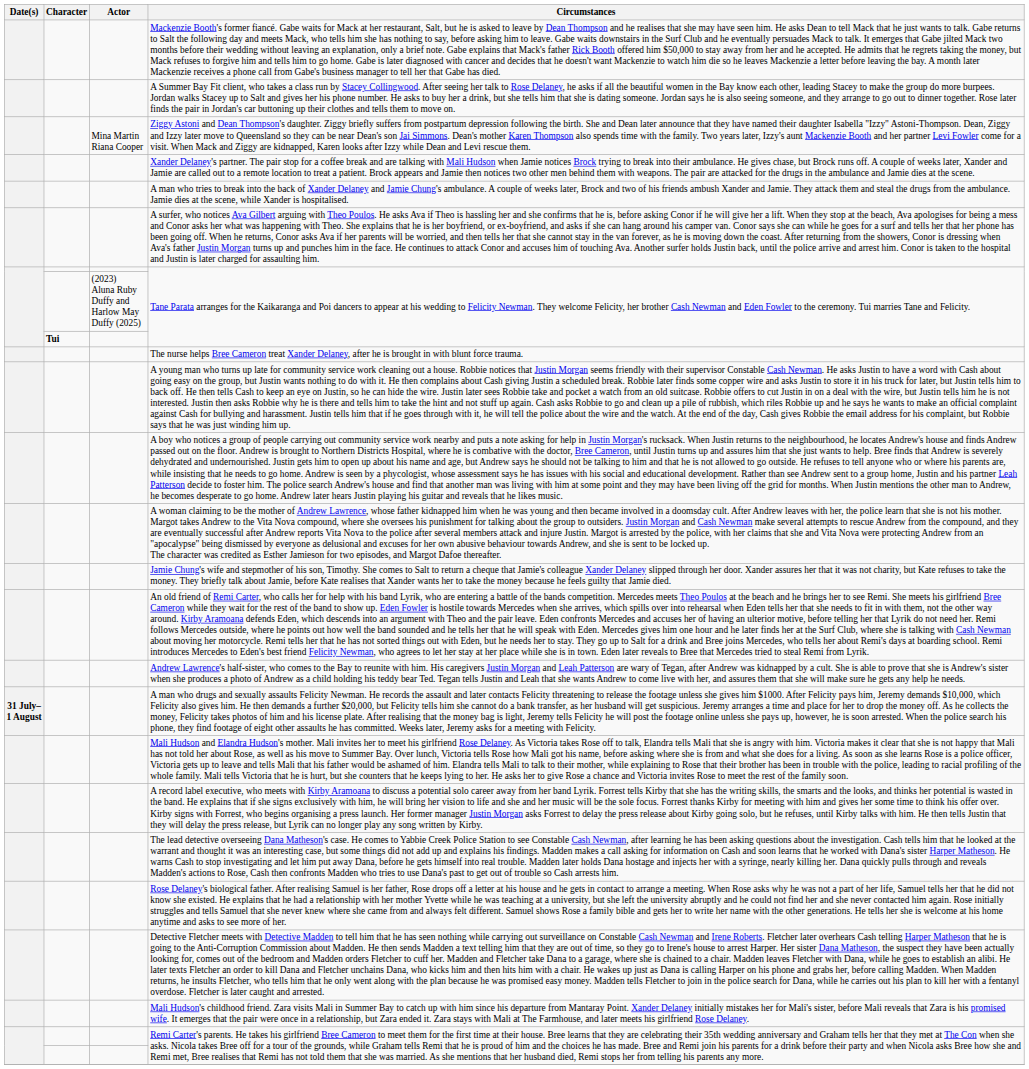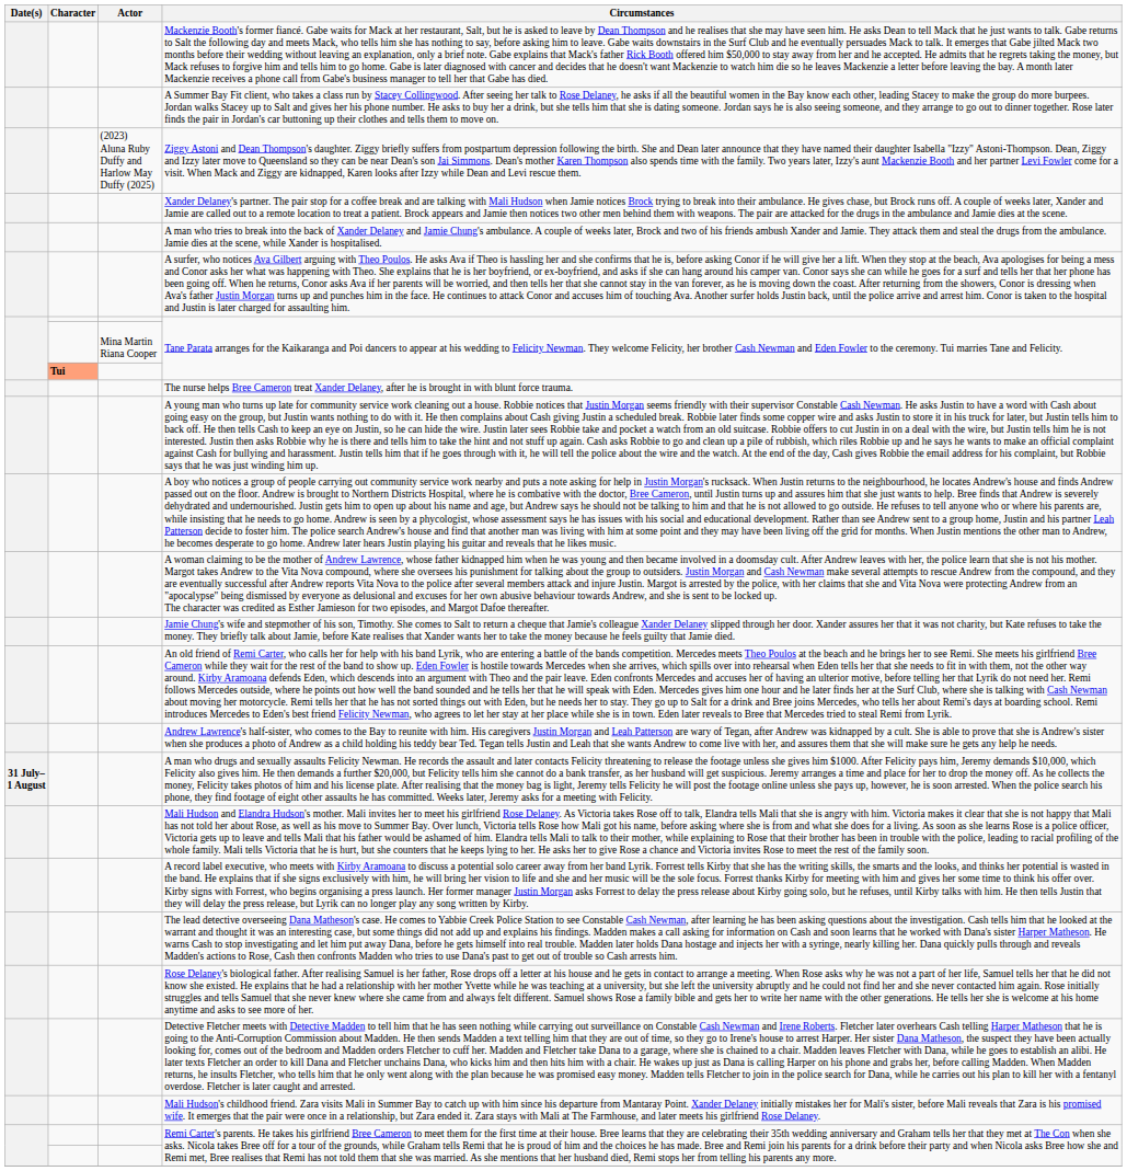 <table class="wikitable plainrowheaders" style="font-size:90%">
 <tr>
 <th scope="col">Date(s)</th>
 <th scope="col">Character</th>
 <th scope="col">Actor</th>
 <th scope="col">Circumstances</th>
 </tr>
 <tr>
 <th scope="row"></th>
 <td></td>
 <td></td>
 <td><a href='#'>Mackenzie Booth</a>'s former fiancé. Gabe waits for Mack at her restaurant, Salt, but he is asked to leave by <a href='#'>Dean Thompson</a> and he realises that she may have seen him. He asks Dean to tell Mack that he just wants to talk. Gabe returns to Salt the following day and meets Mack, who tells him she has nothing to say, before asking him to leave. Gabe waits downstairs in the Surf Club and he eventually persuades Mack to talk. It emerges that Gabe jilted Mack two months before their wedding without leaving an explanation, only a brief note. Gabe explains that Mack's father <a href='#'>Rick Booth</a> offered him $50,000 to stay away from her and he accepted. He admits that he regrets taking the money, but Mack refuses to forgive him and tells him to go home. Gabe is later diagnosed with cancer and decides that he doesn't want Mackenzie to watch him die so he leaves Mackenzie a letter before leaving the bay. A month later Mackenzie receives a phone call from Gabe's business manager to tell her that Gabe has died.</td>
 </tr>
 <tr>
 <th scope="row"></th>
 <td></td>
 <td></td>
 <td>A Summer Bay Fit client, who takes a class run by <a href='#'>Stacey Collingwood</a>. After seeing her talk to <a href='#'>Rose Delaney</a>, he asks if all the beautiful women in the Bay know each other, leading Stacey to make the group do more burpees. Jordan walks Stacey up to Salt and gives her his phone number. He asks to buy her a drink, but she tells him that she is dating someone. Jordan says he is also seeing someone, and they arrange to go out to dinner together. Rose later finds the pair in Jordan's car buttoning up their clothes and tells them to move on.</td>
 </tr>
 <tr>
 <th scope="row"></th>
 <td></td>
-<td><br>Mina Martin<br>Riana Cooper</td>
+<td> (2023)<br>Aluna Ruby Duffy and Harlow May Duffy (2025)</td>
 <td><a href='#'>Ziggy Astoni</a> and <a href='#'>Dean Thompson</a>'s daughter. Ziggy briefly suffers from postpartum depression following the birth. She and Dean later announce that they have named their daughter Isabella "Izzy" Astoni-Thompson. Dean, Ziggy and Izzy later move to Queensland so they can be near Dean's son <a href='#'>Jai Simmons</a>. Dean's mother <a href='#'>Karen Thompson</a> also spends time with the family. Two years later, Izzy's aunt <a href='#'>Mackenzie Booth</a> and her partner <a href='#'>Levi Fowler</a> come for a visit. When Mack and Ziggy are kidnapped, Karen looks after Izzy while Dean and Levi rescue them.</td>
 </tr>
 <tr>
 <th scope="row"></th>
 <td></td>
 <td></td>
 <td><a href='#'>Xander Delaney</a>'s partner. The pair stop for a coffee break and are talking with <a href='#'>Mali Hudson</a> when Jamie notices <a href='#'>Brock</a> trying to break into their ambulance. He gives chase, but Brock runs off. A couple of weeks later, Xander and Jamie are called out to a remote location to treat a patient. Brock appears and Jamie then notices two other men behind them with weapons. The pair are attacked for the drugs in the ambulance and Jamie dies at the scene.</td>
 </tr>
 <tr>
 <th scope="row"></th>
 <td></td>
 <td></td>
 <td>A man who tries to break into the back of <a href='#'>Xander Delaney</a> and <a href='#'>Jamie Chung</a>'s ambulance. A couple of weeks later, Brock and two of his friends ambush Xander and Jamie. They attack them and steal the drugs from the ambulance. Jamie dies at the scene, while Xander is hospitalised.</td>
 </tr>
 <tr>
 <th scope="row"></th>
 <td></td>
 <td></td>
 <td>A surfer, who notices <a href='#'>Ava Gilbert</a> arguing with <a href='#'>Theo Poulos</a>. He asks Ava if Theo is hassling her and she confirms that he is, before asking Conor if he will give her a lift. When they stop at the beach, Ava apologises for being a mess and Conor asks her what was happening with Theo. She explains that he is her boyfriend, or ex-boyfriend, and asks if she can hang around his camper van. Conor says she can while he goes for a surf and tells her that her phone has been going off. When he returns, Conor asks Ava if her parents will be worried, and then tells her that she cannot stay in the van forever, as he is moving down the coast. After returning from the showers, Conor is dressing when Ava's father <a href='#'>Justin Morgan</a> turns up and punches him in the face. He continues to attack Conor and accuses him of touching Ava. Another surfer holds Justin back, until the police arrive and arrest him. Conor is taken to the hospital and Justin is later charged for assaulting him.</td>
 </tr>
 <tr>
 <th scope="row" rowspan="3"></th>
 <td></td>
 <td></td>
 <td rowspan="3"><a href='#'>Tane Parata</a> arranges for the Kaikaranga and Poi dancers to appear at his wedding to <a href='#'>Felicity Newman</a>. They welcome Felicity, her brother <a href='#'>Cash Newman</a> and <a href='#'>Eden Fowler</a> to the ceremony. Tui marries Tane and Felicity.</td>
 </tr>
 <tr>
 <td></td>
-<td> (2023)<br>Aluna Ruby Duffy and Harlow May Duffy (2025)</td>
+<td><br>Mina Martin<br>Riana Cooper</td>
 </tr>
 <tr>
-<td><strong>Tui</strong></td>
+<td style="background: lightsalmon;"><strong>Tui</strong></td>
 <td></td>
 </tr>
 <tr>
 <th scope="row"></th>
 <td></td>
 <td></td>
 <td>The nurse helps <a href='#'>Bree Cameron</a> treat <a href='#'>Xander Delaney</a>, after he is brought in with blunt force trauma.</td>
 </tr>
 <tr>
 <th scope="row"></th>
 <td></td>
 <td></td>
 <td>A young man who turns up late for community service work cleaning out a house. Robbie notices that <a href='#'>Justin Morgan</a> seems friendly with their supervisor Constable <a href='#'>Cash Newman</a>. He asks Justin to have a word with Cash about going easy on the group, but Justin wants nothing to do with it. He then complains about Cash giving Justin a scheduled break. Robbie later finds some copper wire and asks Justin to store it in his truck for later, but Justin tells him to back off. He then tells Cash to keep an eye on Justin, so he can hide the wire. Justin later sees Robbie take and pocket a watch from an old suitcase. Robbie offers to cut Justin in on a deal with the wire, but Justin tells him he is not interested. Justin then asks Robbie why he is there and tells him to take the hint and not stuff up again. Cash asks Robbie to go and clean up a pile of rubbish, which riles Robbie up and he says he wants to make an official complaint against Cash for bullying and harassment. Justin tells him that if he goes through with it, he will tell the police about the wire and the watch. At the end of the day, Cash gives Robbie the email address for his complaint, but Robbie says that he was just winding him up.</td>
 </tr>
 <tr>
 <th scope="row"></th>
 <td></td>
 <td></td>
 <td>A boy who notices a group of people carrying out community service work nearby and puts a note asking for help in <a href='#'>Justin Morgan</a>'s rucksack. When Justin returns to the neighbourhood, he locates Andrew's house and finds Andrew passed out on the floor. Andrew is brought to Northern Districts Hospital, where he is combative with the doctor, <a href='#'>Bree Cameron</a>, until Justin turns up and assures him that she just wants to help. Bree finds that Andrew is severely dehydrated and undernourished. Justin gets him to open up about his name and age, but Andrew says he should not be talking to him and that he is not allowed to go outside. He refuses to tell anyone who or where his parents are, while insisting that he needs to go home. Andrew is seen by a phycologist, whose assessment says he has issues with his social and educational development. Rather than see Andrew sent to a group home, Justin and his partner <a href='#'>Leah Patterson</a> decide to foster him. The police search Andrew's house and find that another man was living with him at some point and they may have been living off the grid for months. When Justin mentions the other man to Andrew, he becomes desperate to go home. Andrew later hears Justin playing his guitar and reveals that he likes music.</td>
 </tr>
 <tr>
 <th scope="row"></th>
 <td></td>
 <td></td>
 <td>A woman claiming to be the mother of <a href='#'>Andrew Lawrence</a>, whose father kidnapped him when he was young and then became involved in a doomsday cult. After Andrew leaves with her, the police learn that she is not his mother. Margot takes Andrew to the Vita Nova compound, where she oversees his punishment for talking about the group to outsiders. <a href='#'>Justin Morgan</a> and <a href='#'>Cash Newman</a> make several attempts to rescue Andrew from the compound, and they are eventually successful after Andrew reports Vita Nova to the police after several members attack and injure Justin. Margot is arrested by the police, with her claims that she and Vita Nova were protecting Andrew from an "apocalypse" being dismissed by everyone as delusional and excuses for her own abusive behaviour towards Andrew, and she is sent to be locked up.<br>The character was credited as Esther Jamieson for two episodes, and Margot Dafoe thereafter.</td>
 </tr>
 <tr>
 <th scope="row"></th>
 <td></td>
 <td></td>
 <td><a href='#'>Jamie Chung</a>'s wife and stepmother of his son, Timothy. She comes to Salt to return a cheque that Jamie's colleague <a href='#'>Xander Delaney</a> slipped through her door. Xander assures her that it was not charity, but Kate refuses to take the money. They briefly talk about Jamie, before Kate realises that Xander wants her to take the money because he feels guilty that Jamie died.</td>
 </tr>
 <tr>
 <th scope="row"></th>
 <td></td>
 <td></td>
 <td>An old friend of <a href='#'>Remi Carter</a>, who calls her for help with his band Lyrik, who are entering a battle of the bands competition. Mercedes meets <a href='#'>Theo Poulos</a> at the beach and he brings her to see Remi. She meets his girlfriend <a href='#'>Bree Cameron</a> while they wait for the rest of the band to show up. <a href='#'>Eden Fowler</a> is hostile towards Mercedes when she arrives, which spills over into rehearsal when Eden tells her that she needs to fit in with them, not the other way around. <a href='#'>Kirby Aramoana</a> defends Eden, which descends into an argument with Theo and the pair leave. Eden confronts Mercedes and accuses her of having an ulterior motive, before telling her that Lyrik do not need her. Remi follows Mercedes outside, where he points out how well the band sounded and he tells her that he will speak with Eden. Mercedes gives him one hour and he later finds her at the Surf Club, where she is talking with <a href='#'>Cash Newman</a> about moving her motorcycle. Remi tells her that he has not sorted things out with Eden, but he needs her to stay. They go up to Salt for a drink and Bree joins Mercedes, who tells her about Remi's days at boarding school. Remi introduces Mercedes to Eden's best friend <a href='#'>Felicity Newman</a>, who agrees to let her stay at her place while she is in town. Eden later reveals to Bree that Mercedes tried to steal Remi from Lyrik.</td>
 </tr>
 <tr>
 <th scope="row"></th>
 <td></td>
 <td></td>
 <td><a href='#'>Andrew Lawrence</a>'s half-sister, who comes to the Bay to reunite with him. His caregivers <a href='#'>Justin Morgan</a> and <a href='#'>Leah Patterson</a> are wary of Tegan, after Andrew was kidnapped by a cult. She is able to prove that she is Andrew's sister when she produces a photo of Andrew as a child holding his teddy bear Ted. Tegan tells Justin and Leah that she wants Andrew to come live with her, and assures them that she will make sure he gets any help he needs.</td>
 </tr>
 <tr>
 <th scope="row">31 July–1 August</th>
 <td></td>
 <td></td>
 <td>A man who drugs and sexually assaults Felicity Newman. He records the assault and later contacts Felicity threatening to release the footage unless she gives him $1000. After Felicity pays him, Jeremy demands $10,000, which Felicity also gives him. He then demands a further $20,000, but Felicity tells him she cannot do a bank transfer, as her husband will get suspicious. Jeremy arranges a time and place for her to drop the money off. As he collects the money, Felicity takes photos of him and his license plate. After realising that the money bag is light, Jeremy tells Felicity he will post the footage online unless she pays up, however, he is soon arrested. When the police search his phone, they find footage of eight other assaults he has committed. Weeks later, Jeremy asks for a meeting with Felicity.</td>
 </tr>
 <tr>
 <th scope="row"></th>
 <td></td>
 <td></td>
 <td><a href='#'>Mali Hudson</a> and <a href='#'>Elandra Hudson</a>'s mother. Mali invites her to meet his girlfriend <a href='#'>Rose Delaney</a>. As Victoria takes Rose off to talk, Elandra tells Mali that she is angry with him. Victoria makes it clear that she is not happy that Mali has not told her about Rose, as well as his move to Summer Bay. Over lunch, Victoria tells Rose how Mali got his name, before asking where she is from and what she does for a living. As soon as she learns Rose is a police officer, Victoria gets up to leave and tells Mali that his father would be ashamed of him. Elandra tells Mali to talk to their mother, while explaining to Rose that their brother has been in trouble with the police, leading to racial profiling of the whole family. Mali tells Victoria that he is hurt, but she counters that he keeps lying to her. He asks her to give Rose a chance and Victoria invites Rose to meet the rest of the family soon.</td>
 </tr>
 <tr>
 <th scope="row"></th>
 <td></td>
 <td></td>
 <td>A record label executive, who meets with <a href='#'>Kirby Aramoana</a> to discuss a potential solo career away from her band Lyrik. Forrest tells Kirby that she has the writing skills, the smarts and the looks, and thinks her potential is wasted in the band. He explains that if she signs exclusively with him, he will bring her vision to life and she and her music will be the sole focus. Forrest thanks Kirby for meeting with him and gives her some time to think his offer over. Kirby signs with Forrest, who begins organising a press launch. Her former manager <a href='#'>Justin Morgan</a> asks Forrest to delay the press release about Kirby going solo, but he refuses, until Kirby talks with him. He then tells Justin that they will delay the press release, but Lyrik can no longer play any song written by Kirby.</td>
 </tr>
 <tr>
 <th scope="row"></th>
 <td></td>
 <td></td>
 <td>The lead detective overseeing <a href='#'>Dana Matheson</a>'s case. He comes to Yabbie Creek Police Station to see Constable <a href='#'>Cash Newman</a>, after learning he has been asking questions about the investigation. Cash tells him that he looked at the warrant and thought it was an interesting case, but some things did not add up and explains his findings. Madden makes a call asking for information on Cash and soon learns that he worked with Dana's sister <a href='#'>Harper Matheson</a>. He warns Cash to stop investigating and let him put away Dana, before he gets himself into real trouble. Madden later holds Dana hostage and injects her with a  syringe, nearly killing her. Dana quickly pulls through and reveals Madden's actions to Rose, Cash then confronts Madden who tries to use Dana's past to get out of trouble so Cash arrests him.</td>
 </tr>
 <tr>
 <th scope="row"></th>
 <td></td>
 <td></td>
 <td><a href='#'>Rose Delaney</a>'s biological father. After realising Samuel is her father, Rose drops off a letter at his house and he gets in contact to arrange a meeting. When Rose asks why he was not a part of her life, Samuel tells her that he did not know she existed. He explains that he had a relationship with her mother Yvette while he was teaching at a university, but she left the university abruptly and he could not find her and she never contacted him again. Rose initially struggles and tells Samuel that she never knew where she came from and always felt different. Samuel shows Rose a family bible and gets her to write her name with the other generations. He tells her she is welcome at his home anytime and asks to see more of her.</td>
 </tr>
 <tr>
 <th scope="row"></th>
 <td></td>
 <td></td>
 <td>Detective Fletcher meets with <a href='#'>Detective Madden</a> to tell him that he has seen nothing while carrying out surveillance on Constable <a href='#'>Cash Newman</a> and <a href='#'>Irene Roberts</a>. Fletcher later overhears Cash telling <a href='#'>Harper Matheson</a> that he is going to the Anti-Corruption Commission about Madden. He then sends Madden a text telling him that they are out of time, so they go to Irene's house to arrest Harper. Her sister <a href='#'>Dana Matheson</a>, the suspect they have been actually looking for, comes out of the bedroom and Madden orders Fletcher to cuff her. Madden and Fletcher take Dana to a garage, where she is chained to a chair. Madden leaves Fletcher with Dana, while he goes to establish an alibi. He later texts Fletcher an order to kill Dana and Fletcher unchains Dana, who kicks him and then hits him with a chair. He wakes up just as Dana is calling Harper on his phone and grabs her, before calling Madden. When Madden returns, he insults Fletcher, who tells him that he only went along with the plan because he was promised easy money. Madden tells Fletcher to join in the police search for Dana, while he carries out his plan to kill her with a fentanyl overdose. Fletcher is later caught and arrested.</td>
 </tr>
 <tr>
 <th scope="row"></th>
 <td></td>
 <td></td>
 <td><a href='#'>Mali Hudson</a>'s childhood friend. Zara visits Mali in Summer Bay to catch up with him since his departure from Mantaray Point. <a href='#'>Xander Delaney</a> initially mistakes her for Mali's sister, before Mali reveals that Zara is his <a href='#'>promised wife</a>. It emerges that the pair were once in a relationship, but Zara ended it. Zara stays with Mali at The Farmhouse, and later meets his girlfriend <a href='#'>Rose Delaney</a>.</td>
 </tr>
 <tr>
 <th scope="row" rowspan="2"></th>
 <td></td>
 <td></td>
 <td rowspan="2"><a href='#'>Remi Carter</a>'s parents. He takes his girlfriend <a href='#'>Bree Cameron</a> to meet them for the first time at their house. Bree learns that they are celebrating their 35th wedding anniversary and Graham tells her that they met at <a href='#'>The Con</a> when she asks. Nicola takes Bree off for a tour of the grounds, while Graham tells Remi that he is proud of him and the choices he has made. Bree and Remi join his parents for a drink before their party and when Nicola asks Bree how she and Remi met, Bree realises that Remi has not told them that she was married. As she mentions that her husband died, Remi stops her from telling his parents any more.</td>
 </tr>
 <tr>
 <td></td>
 <td></td>
 </tr>
 <tr>
 </tr>
 </table>
